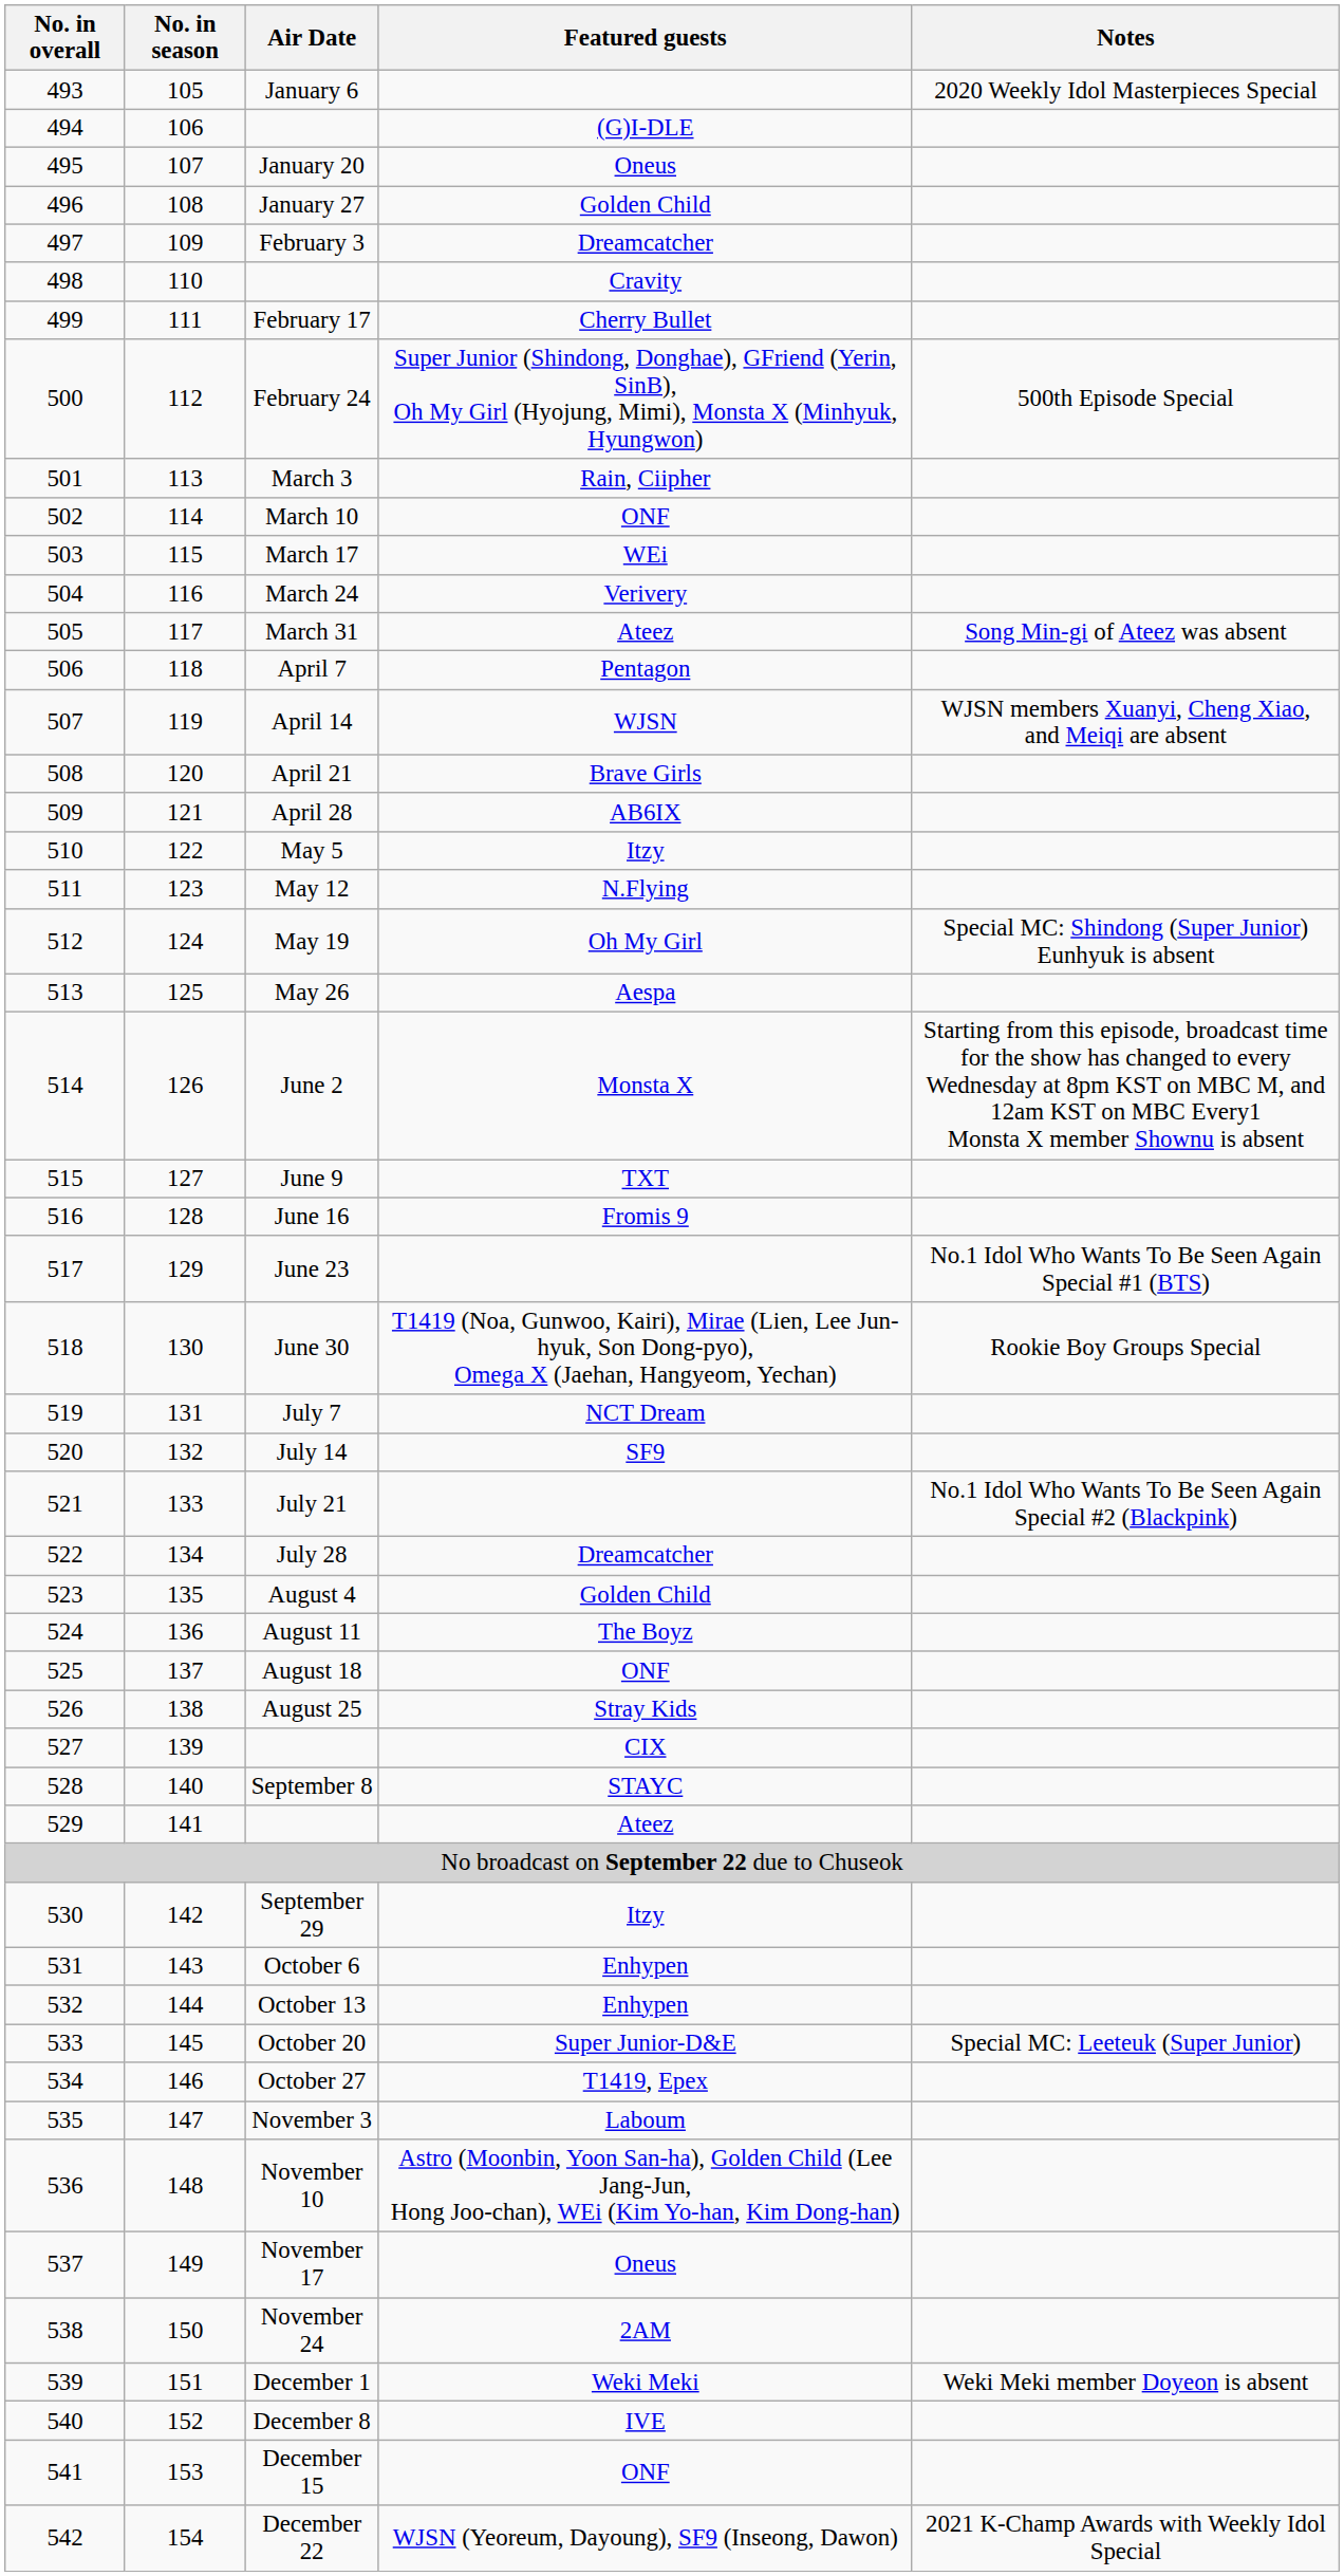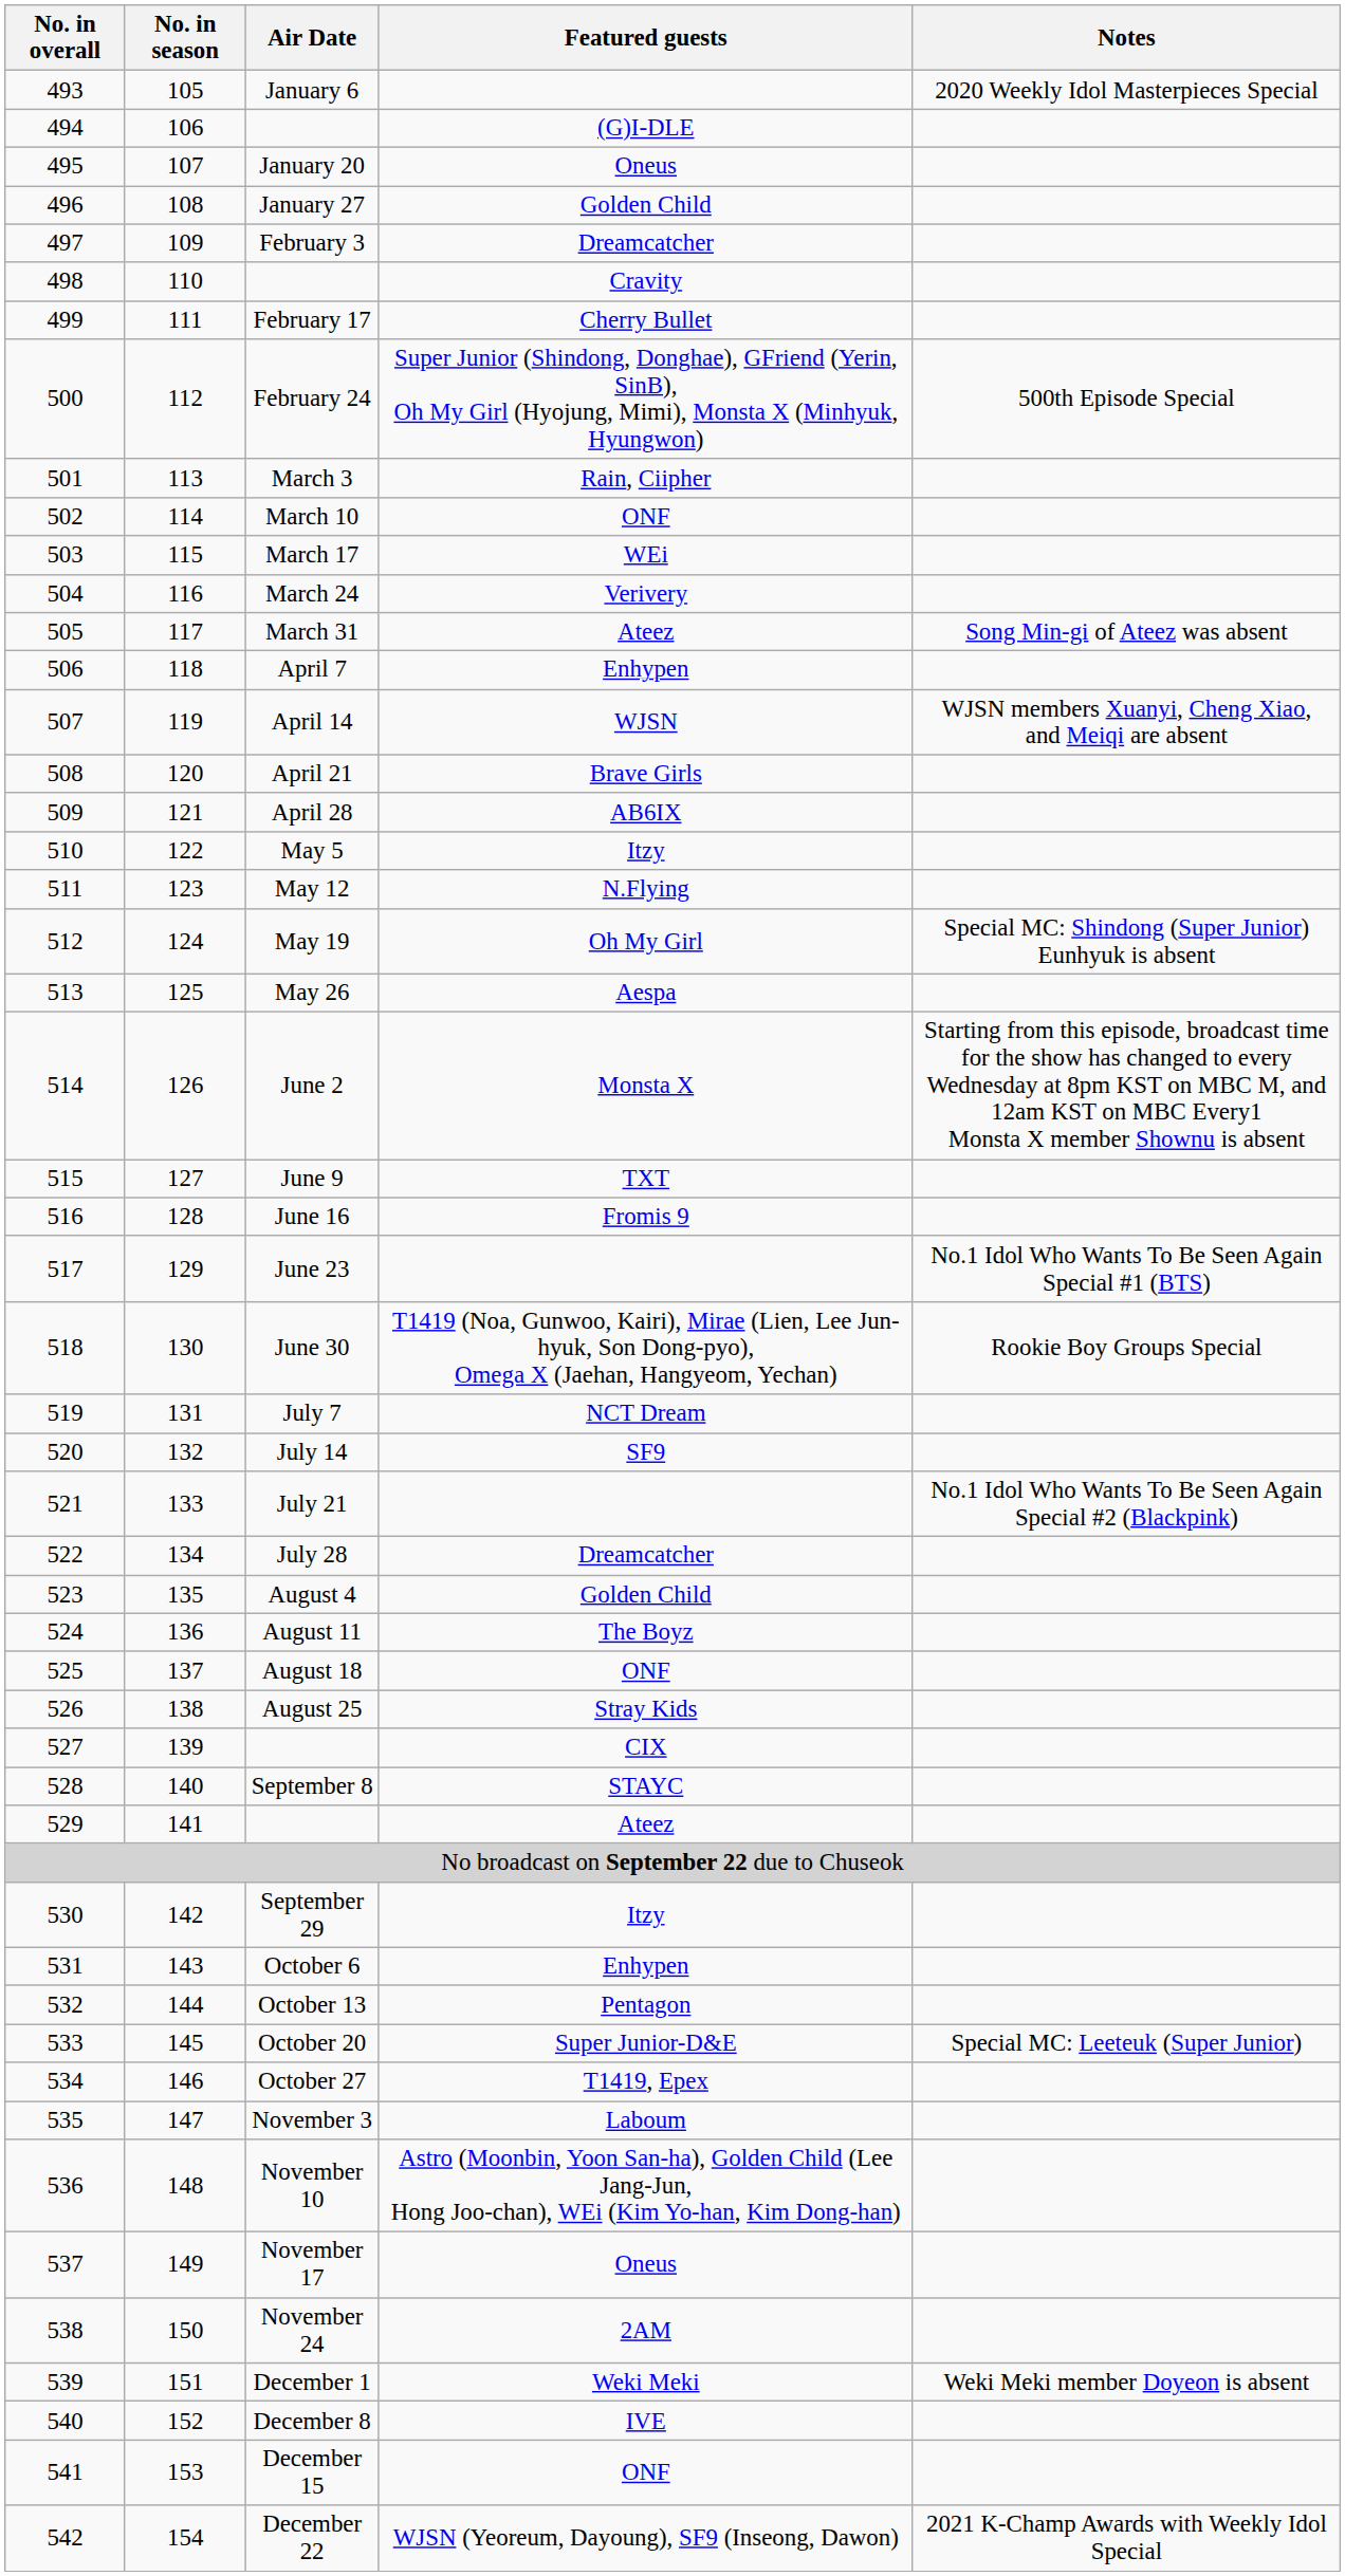 <table class="wikitable" style="text-align:center; width:100%">
 <tr>
 <th width="9%">No. in overall</th>
 <th width="9%">No. in season</th>
 <th width="10%">Air Date</th>
 <th width="40%">Featured guests</th>
 <th width="32%">Notes</th>
 </tr>
 <tr>
 <td>493</td>
 <td>105</td>
 <td>January 6</td>
 <td></td>
 <td>2020 Weekly Idol Masterpieces Special</td>
 </tr>
 <tr>
 <td>494</td>
 <td>106</td>
 <td></td>
 <td><a href='#'>(G)I-DLE</a></td>
 <td></td>
 </tr>
 <tr>
 <td>495</td>
 <td>107</td>
 <td>January 20</td>
 <td><a href='#'>Oneus</a></td>
 <td></td>
 </tr>
 <tr>
 <td>496</td>
 <td>108</td>
 <td>January 27</td>
 <td><a href='#'>Golden Child</a></td>
 <td></td>
 </tr>
 <tr>
 <td>497</td>
 <td>109</td>
 <td>February 3</td>
 <td><a href='#'>Dreamcatcher</a></td>
 <td></td>
 </tr>
 <tr>
 <td>498</td>
 <td>110</td>
 <td></td>
 <td><a href='#'>Cravity</a></td>
 <td></td>
 </tr>
 <tr>
 <td>499</td>
 <td>111</td>
 <td>February 17</td>
 <td><a href='#'>Cherry Bullet</a></td>
 <td></td>
 </tr>
 <tr>
 <td>500</td>
 <td>112</td>
 <td>February 24</td>
 <td><a href='#'>Super Junior</a> (<a href='#'>Shindong</a>, <a href='#'>Donghae</a>), <a href='#'>GFriend</a> (<a href='#'>Yerin</a>, <a href='#'>SinB</a>), <br> <a href='#'>Oh My Girl</a> (Hyojung, Mimi), <a href='#'>Monsta X</a> (<a href='#'>Minhyuk</a>, <a href='#'>Hyungwon</a>)</td>
 <td>500th Episode Special</td>
 </tr>
 <tr>
 <td>501</td>
 <td>113</td>
 <td>March 3</td>
 <td><a href='#'>Rain</a>, <a href='#'>Ciipher</a></td>
 <td></td>
 </tr>
 <tr>
 <td>502</td>
 <td>114</td>
 <td>March 10</td>
 <td><a href='#'>ONF</a></td>
 <td></td>
 </tr>
 <tr>
 <td>503</td>
 <td>115</td>
 <td>March 17</td>
 <td><a href='#'>WEi</a></td>
 <td></td>
 </tr>
 <tr>
 <td>504</td>
 <td>116</td>
 <td>March 24</td>
 <td><a href='#'>Verivery</a></td>
 <td></td>
 </tr>
 <tr>
 <td>505</td>
 <td>117</td>
 <td>March 31</td>
 <td><a href='#'>Ateez</a></td>
 <td><a href='#'>Song Min-gi</a> of <a href='#'>Ateez</a> was absent</td>
 </tr>
 <tr>
 <td>506</td>
 <td>118</td>
 <td>April 7</td>
-<td><a href='#'>Pentagon</a></td>
+<td><a href='#'>Enhypen</a></td>
 <td></td>
 </tr>
 <tr>
 <td>507</td>
 <td>119</td>
 <td>April 14</td>
 <td><a href='#'>WJSN</a></td>
 <td>WJSN members <a href='#'>Xuanyi</a>, <a href='#'>Cheng Xiao</a>, <br>  and <a href='#'>Meiqi</a> are absent</td>
 </tr>
 <tr>
 <td>508</td>
 <td>120</td>
 <td>April 21</td>
 <td><a href='#'>Brave Girls</a></td>
 <td></td>
 </tr>
 <tr>
 <td>509</td>
 <td>121</td>
 <td>April 28</td>
 <td><a href='#'>AB6IX</a></td>
 <td></td>
 </tr>
 <tr>
 <td>510</td>
 <td>122</td>
 <td>May 5</td>
 <td><a href='#'>Itzy</a></td>
 <td></td>
 </tr>
 <tr>
 <td>511</td>
 <td>123</td>
 <td>May 12</td>
 <td><a href='#'>N.Flying</a></td>
 <td></td>
 </tr>
 <tr>
 <td>512</td>
 <td>124</td>
 <td>May 19</td>
 <td><a href='#'>Oh My Girl</a></td>
 <td>Special MC: <a href='#'>Shindong</a> (<a href='#'>Super Junior</a>)<br>Eunhyuk is absent</td>
 </tr>
 <tr>
 <td>513</td>
 <td>125</td>
 <td>May 26</td>
 <td><a href='#'>Aespa</a></td>
 <td></td>
 </tr>
 <tr>
 <td>514</td>
 <td>126</td>
 <td>June 2</td>
 <td><a href='#'>Monsta X</a></td>
 <td>Starting from this episode, broadcast time for the show has changed to every Wednesday at 8pm KST on MBC M, and 12am KST on MBC Every1<br>Monsta X member <a href='#'>Shownu</a> is absent</td>
 </tr>
 <tr>
 <td>515</td>
 <td>127</td>
 <td>June 9</td>
 <td><a href='#'>TXT</a></td>
 <td></td>
 </tr>
 <tr>
 <td>516</td>
 <td>128</td>
 <td>June 16</td>
 <td><a href='#'>Fromis 9</a></td>
 <td></td>
 </tr>
 <tr>
 <td>517</td>
 <td>129</td>
 <td>June 23</td>
 <td></td>
 <td>No.1 Idol Who Wants To Be Seen Again Special #1 (<a href='#'>BTS</a>)</td>
 </tr>
 <tr>
 <td>518</td>
 <td>130</td>
 <td>June 30</td>
 <td><a href='#'>T1419</a> (Noa, Gunwoo, Kairi), <a href='#'>Mirae</a> (Lien, Lee Jun-hyuk, Son Dong-pyo), <br>  <a href='#'>Omega X</a> (Jaehan, Hangyeom, Yechan)</td>
 <td>Rookie Boy Groups Special</td>
 </tr>
 <tr>
 <td>519</td>
 <td>131</td>
 <td>July 7</td>
 <td><a href='#'>NCT Dream</a></td>
 <td></td>
 </tr>
 <tr>
 <td>520</td>
 <td>132</td>
 <td>July 14</td>
 <td><a href='#'>SF9</a></td>
 <td></td>
 </tr>
 <tr>
 <td>521</td>
 <td>133</td>
 <td>July 21</td>
 <td></td>
 <td>No.1 Idol Who Wants To Be Seen Again Special #2 (<a href='#'>Blackpink</a>)</td>
 </tr>
 <tr>
 <td>522</td>
 <td>134</td>
 <td>July 28</td>
 <td><a href='#'>Dreamcatcher</a></td>
 <td></td>
 </tr>
 <tr>
 <td>523</td>
 <td>135</td>
 <td>August 4</td>
 <td><a href='#'>Golden Child</a></td>
 <td></td>
 </tr>
 <tr>
 <td>524</td>
 <td>136</td>
 <td>August 11</td>
 <td><a href='#'>The Boyz</a></td>
 <td></td>
 </tr>
 <tr>
 <td>525</td>
 <td>137</td>
 <td>August 18</td>
 <td><a href='#'>ONF</a></td>
 <td></td>
 </tr>
 <tr>
 <td>526</td>
 <td>138</td>
 <td>August 25</td>
 <td><a href='#'>Stray Kids</a></td>
 <td></td>
 </tr>
 <tr>
 <td>527</td>
 <td>139</td>
 <td></td>
 <td><a href='#'>CIX</a></td>
 <td></td>
 </tr>
 <tr>
 <td>528</td>
 <td>140</td>
 <td>September 8</td>
 <td><a href='#'>STAYC</a></td>
 <td></td>
 </tr>
 <tr>
 <td>529</td>
 <td>141</td>
 <td></td>
 <td><a href='#'>Ateez</a></td>
 <td></td>
 </tr>
 <tr>
 <td colspan="5" style="text-align:center;background:Lightgray">No broadcast on <strong>September 22</strong> due to Chuseok</td>
 </tr>
 <tr>
 <td>530</td>
 <td>142</td>
 <td>September 29</td>
 <td><a href='#'>Itzy</a></td>
 <td></td>
 </tr>
 <tr>
 <td>531</td>
 <td>143</td>
 <td>October 6</td>
 <td><a href='#'>Enhypen</a></td>
 <td></td>
 </tr>
 <tr>
 <td>532</td>
 <td>144</td>
 <td>October 13</td>
-<td><a href='#'>Enhypen</a></td>
+<td><a href='#'>Pentagon</a></td>
 <td></td>
 </tr>
 <tr>
 <td>533</td>
 <td>145</td>
 <td>October 20</td>
 <td><a href='#'>Super Junior-D&E</a></td>
 <td>Special MC: <a href='#'>Leeteuk</a> (<a href='#'>Super Junior</a>)</td>
 </tr>
 <tr>
 <td>534</td>
 <td>146</td>
 <td>October 27</td>
 <td><a href='#'>T1419</a>, <a href='#'>Epex</a></td>
 <td></td>
 </tr>
 <tr>
 <td>535</td>
 <td>147</td>
 <td>November 3</td>
 <td><a href='#'>Laboum</a></td>
 <td></td>
 </tr>
 <tr>
 <td>536</td>
 <td>148</td>
 <td>November 10</td>
 <td><a href='#'>Astro</a> (<a href='#'>Moonbin</a>, <a href='#'>Yoon San-ha</a>), <a href='#'>Golden Child</a> (Lee Jang-Jun, <br> Hong Joo-chan), <a href='#'>WEi</a> (<a href='#'>Kim Yo-han</a>, <a href='#'>Kim Dong-han</a>)</td>
 <td></td>
 </tr>
 <tr>
 <td>537</td>
 <td>149</td>
 <td>November 17</td>
 <td><a href='#'>Oneus</a></td>
 <td></td>
 </tr>
 <tr>
 <td>538</td>
 <td>150</td>
 <td>November 24</td>
 <td><a href='#'>2AM</a></td>
 <td></td>
 </tr>
 <tr>
 <td>539</td>
 <td>151</td>
 <td>December 1</td>
 <td><a href='#'>Weki Meki</a></td>
 <td>Weki Meki member <a href='#'>Doyeon</a> is absent</td>
 </tr>
 <tr>
 <td>540</td>
 <td>152</td>
 <td>December 8</td>
 <td><a href='#'>IVE</a></td>
 <td></td>
 </tr>
 <tr>
 <td>541</td>
 <td>153</td>
 <td>December 15</td>
 <td><a href='#'>ONF</a></td>
 <td></td>
 </tr>
 <tr>
 <td>542</td>
 <td>154</td>
 <td>December 22</td>
 <td><a href='#'>WJSN</a> (Yeoreum, Dayoung), <a href='#'>SF9</a> (Inseong, Dawon)</td>
 <td>2021 K-Champ Awards with Weekly Idol Special</td>
 </tr>
 <tr>
 </tr>
 </table>
